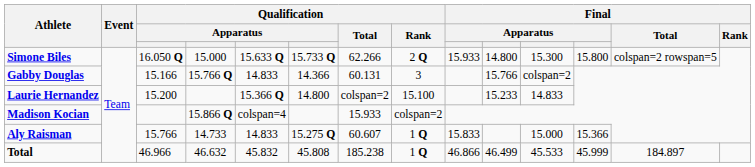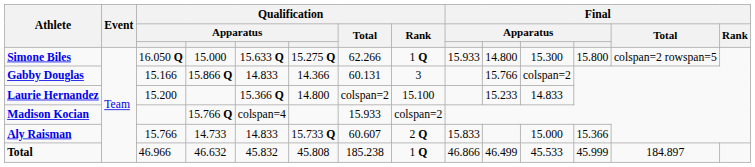 <table class=wikitable style=font-size:90%;text-align:center>
 <tr>
 <th rowspan=3>Athlete</th>
 <th rowspan=3>Event</th>
 <th colspan=6>Qualification</th>
 <th colspan=6>Final</th>
 </tr>
 <tr style=font-size:95%>
 <th colspan=4>Apparatus</th>
 <th rowspan=2>Total</th>
 <th rowspan=2>Rank</th>
 <th colspan=4>Apparatus</th>
 <th rowspan=2>Total</th>
 <th rowspan=2>Rank</th>
 </tr>
 <tr style=font-size:95%>
 <th></th>
 <th></th>
 <th></th>
 <th></th>
 <th></th>
 <th></th>
 <th></th>
 <th></th>
 </tr>
 <tr>
 <td align=left><strong><a href='#'>Simone Biles</a></strong></td>
 <td align=left rowspan=6><a href='#'>Team</a></td>
 <td>16.050 <strong>Q</strong></td>
 <td>15.000</td>
 <td>15.633 <strong>Q</strong></td>
-<td>15.733 <strong>Q</strong></td>
+<td>15.275 <strong>Q</strong></td>
 <td>62.266</td>
-<td>2 <strong>Q</strong></td>
+<td>1 <strong>Q</strong></td>
 <td>15.933</td>
 <td>14.800</td>
 <td>15.300</td>
 <td>15.800</td>
 <td>colspan=2 rowspan=5 </td>
 </tr>
 <tr>
 <td align=left><strong><a href='#'>Gabby Douglas</a></strong></td>
 <td>15.166</td>
-<td>15.766 <strong>Q</strong></td>
+<td>15.866 <strong>Q</strong></td>
 <td>14.833</td>
 <td>14.366</td>
 <td>60.131</td>
 <td>3</td>
 <td></td>
 <td>15.766</td>
 <td>colspan=2 </td>
 </tr>
 <tr>
 <td align=left><strong><a href='#'>Laurie Hernandez</a></strong></td>
 <td>15.200</td>
 <td></td>
 <td>15.366 <strong>Q</strong></td>
 <td>14.800</td>
 <td>colspan=2 </td>
 <td>15.100</td>
 <td></td>
 <td>15.233</td>
 <td>14.833</td>
 </tr>
 <tr>
 <td align=left><strong><a href='#'>Madison Kocian</a></strong></td>
 <td></td>
-<td>15.866 <strong>Q</strong></td>
+<td>15.766 <strong>Q</strong></td>
 <td>colspan=4 </td>
 <td></td>
 <td>15.933</td>
 <td>colspan=2 </td>
 </tr>
 <tr>
 <td align=left><strong><a href='#'>Aly Raisman</a></strong></td>
 <td>15.766</td>
 <td>14.733</td>
 <td>14.833</td>
-<td>15.275 <strong>Q</strong></td>
+<td>15.733 <strong>Q</strong></td>
 <td>60.607</td>
-<td>1 <strong>Q</strong></td>
+<td>2 <strong>Q</strong></td>
 <td>15.833</td>
 <td></td>
 <td>15.000</td>
 <td>15.366</td>
 </tr>
 <tr>
 <td align=left><strong>Total</strong></td>
 <td align=left>46.966</td>
 <td>46.632</td>
 <td>45.832</td>
 <td>45.808</td>
 <td>185.238</td>
 <td>1 <strong>Q</strong></td>
 <td>46.866</td>
 <td>46.499</td>
 <td>45.533</td>
 <td>45.999</td>
 <td>184.897</td>
 <td></td>
 </tr>
 </table>
